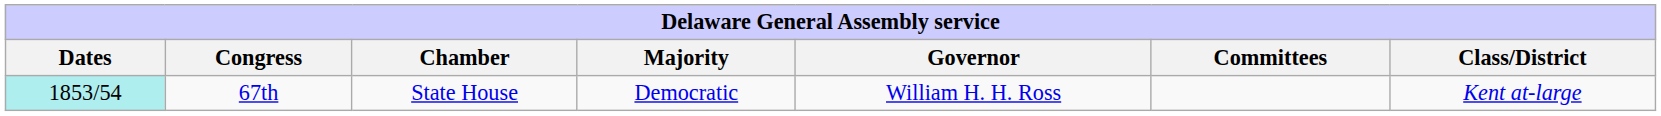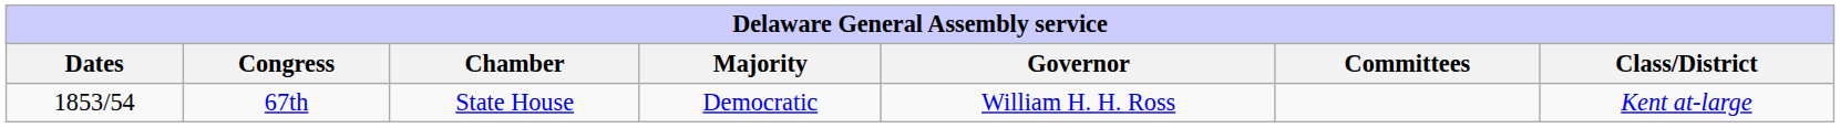 <table class="wikitable" style="text-align:center; width:94%; margin:auto;">
 <tr style="background:#ccc;">
 <th colspan="7" style="background:#ccf;">Delaware General Assembly service</th>
 </tr>
 <tr>
 <th><strong>Dates</strong></th>
 <th><strong>Congress</strong></th>
 <th><strong>Chamber</strong></th>
 <th><strong>Majority</strong></th>
 <th><strong>Governor</strong></th>
 <th><strong>Committees</strong></th>
 <th><strong>Class/District</strong></th>
 </tr>
 <tr>
-<td style="background: paleturquoise;">1853/54</td>
+<td>1853/54</td>
 <td><a href='#'>67th</a></td>
 <td><a href='#'>State House</a></td>
 <td><a href='#'>Democratic</a></td>
 <td><a href='#'>William H. H. Ross</a></td>
 <td></td>
 <td><a href='#'><em>Kent at-large</em></a></td>
 </tr>
 </table>
